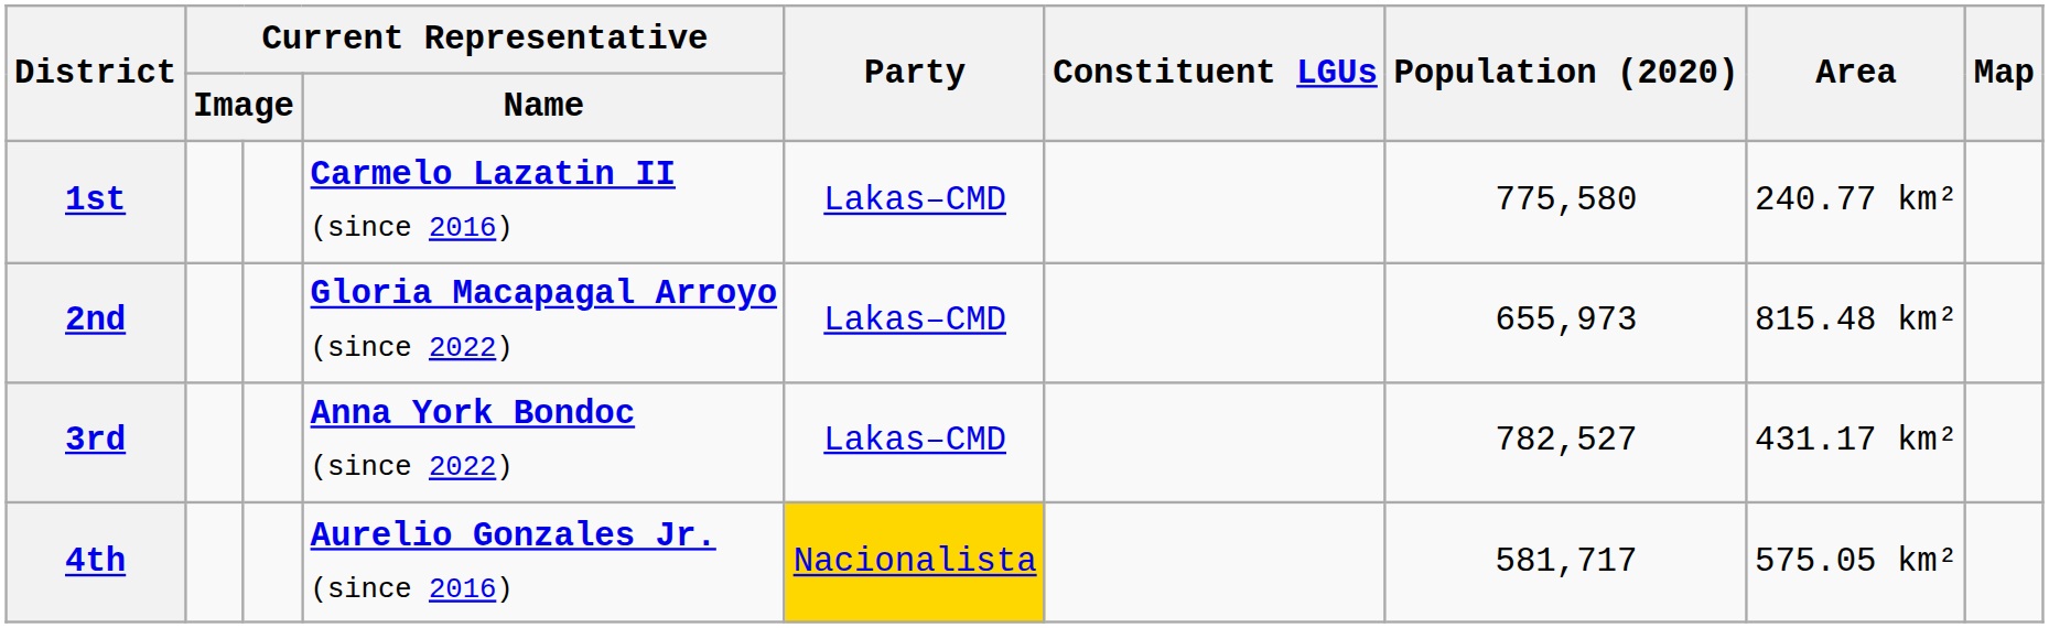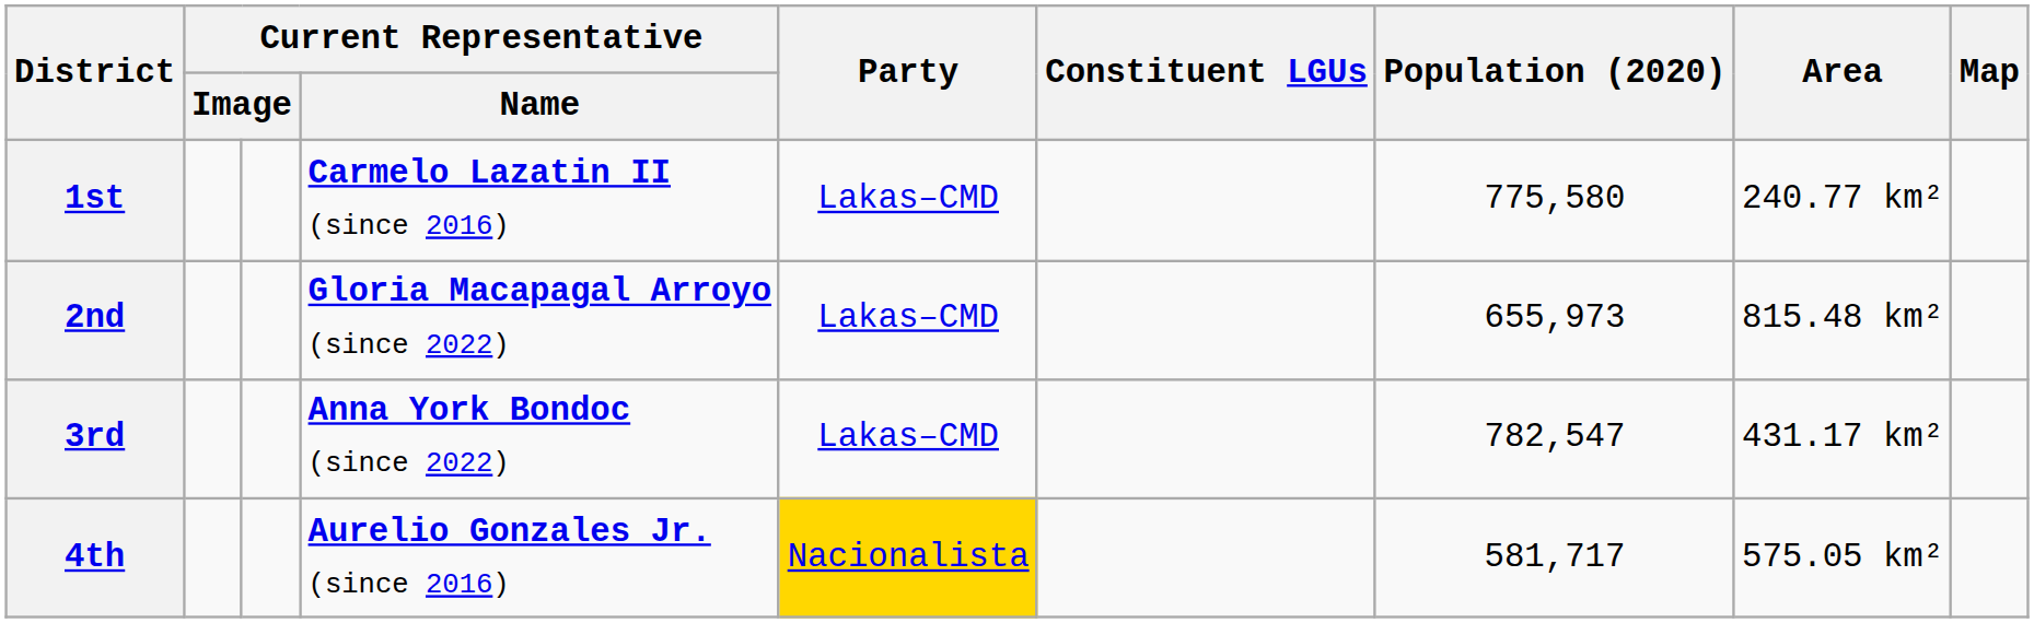 <table class="wikitable sortable" style="margin: 1em auto; font-size:100%; line-height:20px; text-align:center">
 <tr>
 <th rowspan="2">District</th>
 <th colspan="3">Current Representative</th>
 <th rowspan="2">Party</th>
 <th rowspan="2">Constituent <a href='#'>LGUs</a></th>
 <th rowspan="2">Population (2020)</th>
 <th rowspan="2">Area</th>
 <th rowspan="2">Map</th>
 </tr>
 <tr>
 <th colspan="2">Image</th>
 <th>Name</th>
 </tr>
 <tr>
 <th><a href='#'>1st</a></th>
 <td style="background:"></td>
 <td></td>
 <td style="text-align:left;"><strong><a href='#'>Carmelo Lazatin II</a></strong><br><small>(since <a href='#'>2016</a>)</small></td>
 <td><a href='#'>Lakas–CMD</a></td>
 <td></td>
 <td>775,580</td>
 <td>240.77 km²</td>
 <td></td>
 </tr>
 <tr>
 <th><a href='#'>2nd</a></th>
 <td style="background:"></td>
 <td></td>
 <td style="text-align:left;"><strong><a href='#'>Gloria Macapagal Arroyo</a></strong><br><small>(since <a href='#'>2022</a>)</small></td>
 <td><a href='#'>Lakas–CMD</a></td>
 <td></td>
 <td>655,973</td>
 <td>815.48 km²</td>
 <td></td>
 </tr>
 <tr>
 <th><a href='#'>3rd</a></th>
 <td style="background:"></td>
 <td></td>
 <td style="text-align:left;"><strong><a href='#'>Anna York Bondoc</a></strong><br><small>(since <a href='#'>2022</a>)</small></td>
 <td><a href='#'>Lakas–CMD</a></td>
 <td></td>
-<td>782,527</td>
+<td>782,547</td>
 <td>431.17 km²</td>
 <td></td>
 </tr>
 <tr>
 <th><a href='#'>4th</a></th>
 <td style="background:"></td>
 <td></td>
 <td style="text-align:left;"><strong><a href='#'>Aurelio Gonzales Jr.</a></strong><br><small>(since <a href='#'>2016</a>)</small></td>
 <td style="background: gold;"><a href='#'>Nacionalista</a></td>
 <td></td>
 <td>581,717</td>
 <td>575.05 km²</td>
 <td></td>
 </tr>
 </table>
